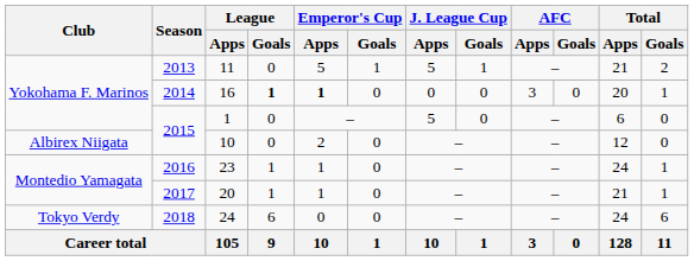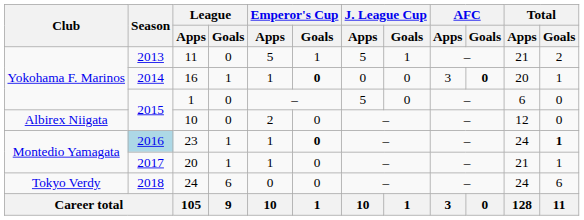 <table class="wikitable" style="text-align:center;">
 <tr>
 <th rowspan="2">Club</th>
 <th rowspan="2">Season</th>
 <th colspan="2">League</th>
 <th colspan="2"><a href='#'>Emperor's Cup</a></th>
 <th colspan="2"><a href='#'>J. League Cup</a></th>
 <th colspan="2"><a href='#'>AFC</a></th>
 <th colspan="2">Total</th>
 </tr>
 <tr>
 <th>Apps</th>
 <th>Goals</th>
 <th>Apps</th>
 <th>Goals</th>
 <th>Apps</th>
 <th>Goals</th>
 <th>Apps</th>
 <th>Goals</th>
 <th>Apps</th>
 <th>Goals</th>
 </tr>
 <tr>
 <td rowspan="3"><a href='#'>Yokohama F. Marinos</a></td>
 <td><a href='#'>2013</a></td>
 <td>11</td>
 <td>0</td>
 <td>5</td>
 <td>1</td>
 <td>5</td>
 <td>1</td>
 <td colspan="2">–</td>
 <td>21</td>
 <td>2</td>
 </tr>
 <tr>
 <td><a href='#'>2014</a></td>
 <td>16</td>
-<td><strong>1</strong></td>
-<td><strong>1</strong></td>
-<td>0</td>
+<td>1</td>
+<td>1</td>
+<td><strong>0</strong></td>
 <td>0</td>
 <td>0</td>
 <td>3</td>
-<td>0</td>
+<td><strong>0</strong></td>
 <td>20</td>
 <td>1</td>
 </tr>
 <tr>
 <td rowspan="2"><a href='#'>2015</a></td>
 <td>1</td>
 <td>0</td>
 <td colspan="2">–</td>
 <td>5</td>
 <td>0</td>
 <td colspan="2">–</td>
 <td>6</td>
 <td>0</td>
 </tr>
 <tr>
 <td><a href='#'>Albirex Niigata</a></td>
 <td>10</td>
 <td>0</td>
 <td>2</td>
 <td>0</td>
 <td colspan="2">–</td>
 <td colspan="2">–</td>
 <td>12</td>
 <td>0</td>
 </tr>
 <tr>
 <td rowspan="2"><a href='#'>Montedio Yamagata</a></td>
-<td><a href='#'>2016</a></td>
+<td style="background: lightblue;"><a href='#'>2016</a></td>
 <td>23</td>
 <td>1</td>
 <td>1</td>
-<td>0</td>
+<td><strong>0</strong></td>
 <td colspan="2">–</td>
 <td colspan="2">–</td>
 <td>24</td>
-<td>1</td>
+<td><strong>1</strong></td>
 </tr>
 <tr>
 <td><a href='#'>2017</a></td>
 <td>20</td>
 <td>1</td>
 <td>1</td>
 <td>0</td>
 <td colspan="2">–</td>
 <td colspan="2">–</td>
 <td>21</td>
 <td>1</td>
 </tr>
 <tr>
 <td rowspan="1"><a href='#'>Tokyo Verdy</a></td>
 <td><a href='#'>2018</a></td>
 <td>24</td>
 <td>6</td>
 <td>0</td>
 <td>0</td>
 <td colspan="2">–</td>
 <td colspan="2">–</td>
 <td>24</td>
 <td>6</td>
 </tr>
 <tr>
 <th colspan="2">Career total</th>
 <th>105</th>
 <th>9</th>
 <th>10</th>
 <th>1</th>
 <th>10</th>
 <th>1</th>
 <th>3</th>
 <th>0</th>
 <th>128</th>
 <th>11</th>
 </tr>
 </table>
